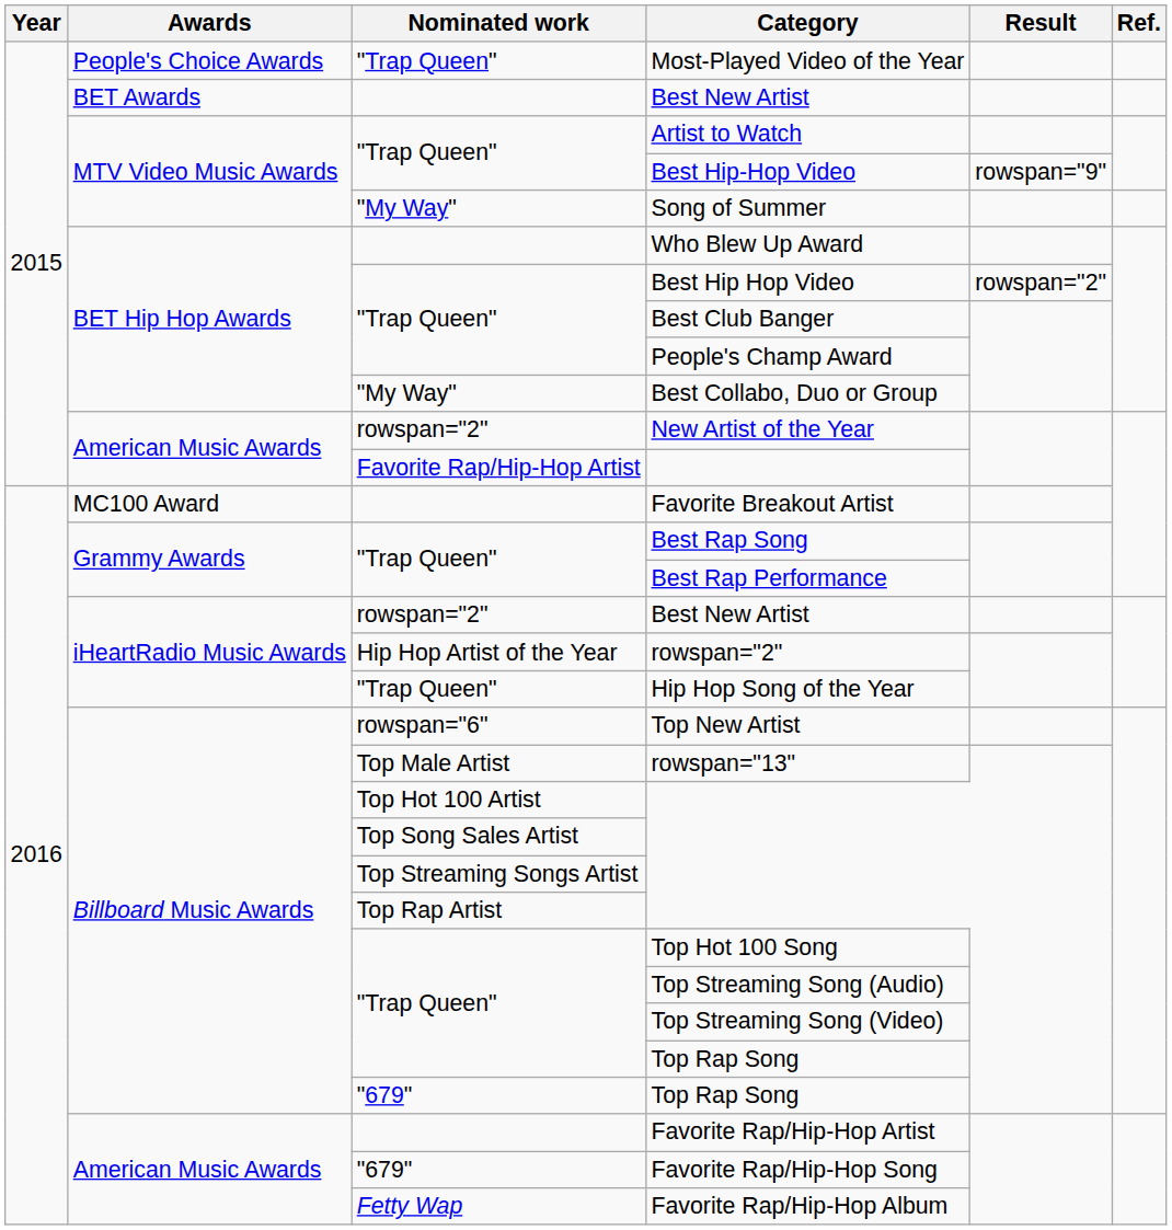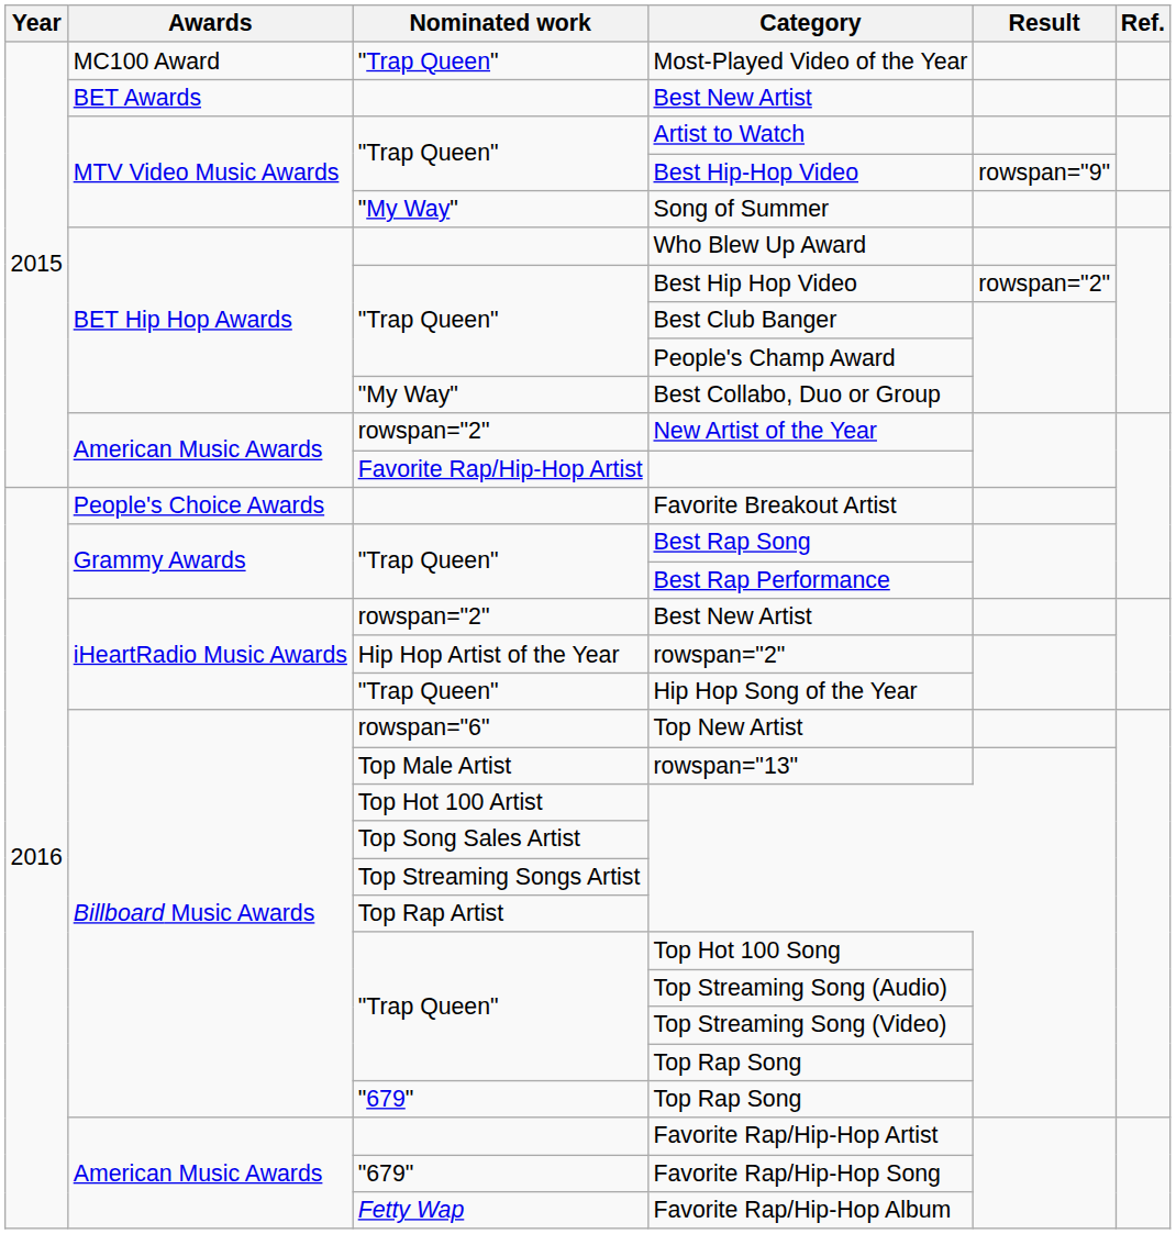 <table class="wikitable">
 <tr>
 <th>Year</th>
 <th>Awards</th>
 <th>Nominated work</th>
 <th>Category</th>
 <th>Result</th>
 <th>Ref.</th>
 </tr>
 <tr>
 <td rowspan="12">2015</td>
-<td><a href='#'>People's Choice Awards</a></td>
+<td>MC100 Award </td>
 <td>"<a href='#'>Trap Queen</a>"</td>
 <td>Most-Played Video of the Year</td>
 <td></td>
 <td style="text-align:center;"></td>
 </tr>
 <tr>
 <td><a href='#'>BET Awards</a></td>
 <td></td>
 <td><a href='#'>Best New Artist</a></td>
 <td></td>
 <td style="text-align:center;"></td>
 </tr>
 <tr>
 <td rowspan="3"><a href='#'>MTV Video Music Awards</a></td>
 <td rowspan="2">"Trap Queen"</td>
 <td><a href='#'>Artist to Watch</a></td>
 <td></td>
 <td style="text-align:center;" rowspan="2"></td>
 </tr>
 <tr>
 <td><a href='#'>Best Hip-Hop Video</a></td>
 <td>rowspan="9" </td>
 </tr>
 <tr>
 <td>"<a href='#'>My Way</a>"</td>
 <td>Song of Summer</td>
 <td style="text-align:center;"></td>
 </tr>
 <tr>
 <td rowspan="5"><a href='#'>BET Hip Hop Awards</a></td>
 <td></td>
 <td>Who Blew Up Award</td>
 <td></td>
 <td style="text-align:center;" rowspan="5"></td>
 </tr>
 <tr>
 <td rowspan="3">"Trap Queen"</td>
 <td>Best Hip Hop Video</td>
 <td>rowspan="2" </td>
 </tr>
 <tr>
 <td>Best Club Banger</td>
 </tr>
 <tr>
 <td>People's Champ Award</td>
 </tr>
 <tr>
 <td>"My Way" </td>
 <td>Best Collabo, Duo or Group</td>
 </tr>
 <tr>
 <td rowspan="2"><a href='#'>American Music Awards</a></td>
 <td>rowspan="2" </td>
 <td><a href='#'>New Artist of the Year</a></td>
 <td style="text-align:center;" rowspan="2"></td>
 </tr>
 <tr>
 <td><a href='#'>Favorite Rap/Hip-Hop Artist</a></td>
 </tr>
 <tr>
 <td rowspan="20">2016</td>
-<td>MC100 Award </td>
+<td><a href='#'>People's Choice Awards</a></td>
 <td></td>
 <td>Favorite Breakout Artist</td>
 <td style="text-align:center;"></td>
 </tr>
 <tr>
 <td rowspan="2"><a href='#'>Grammy Awards</a></td>
 <td rowspan="2">"Trap Queen"</td>
 <td><a href='#'>Best Rap Song</a></td>
 <td style="text-align:center;" rowspan="2"></td>
 </tr>
 <tr>
 <td><a href='#'>Best Rap Performance</a></td>
 </tr>
 <tr>
 <td rowspan="3"><a href='#'>iHeartRadio Music Awards</a></td>
 <td>rowspan="2" </td>
 <td>Best New Artist</td>
 <td></td>
 <td style="text-align:center;" rowspan="3"></td>
 </tr>
 <tr>
 <td>Hip Hop Artist of the Year</td>
 <td>rowspan="2" </td>
 </tr>
 <tr>
 <td>"Trap Queen"</td>
 <td>Hip Hop Song of the Year</td>
 </tr>
 <tr>
 <td rowspan="11"><a href='#'><em>Billboard</em> Music Awards</a></td>
 <td>rowspan="6" </td>
 <td>Top New Artist</td>
 <td></td>
 <td style="text-align:center;" rowspan="11"></td>
 </tr>
 <tr>
 <td>Top Male Artist</td>
 <td>rowspan="13" </td>
 </tr>
 <tr>
 <td>Top Hot 100 Artist</td>
 </tr>
 <tr>
 <td>Top Song Sales Artist</td>
 </tr>
 <tr>
 <td>Top Streaming Songs Artist</td>
 </tr>
 <tr>
 <td>Top Rap Artist</td>
 </tr>
 <tr>
 <td rowspan="4">"Trap Queen"</td>
 <td>Top Hot 100 Song</td>
 </tr>
 <tr>
 <td>Top Streaming Song (Audio)</td>
 </tr>
 <tr>
 <td>Top Streaming Song (Video)</td>
 </tr>
 <tr>
 <td>Top Rap Song</td>
 </tr>
 <tr>
 <td>"<a href='#'>679</a>" </td>
 <td>Top Rap Song</td>
 </tr>
 <tr>
 <td rowspan="3"><a href='#'>American Music Awards</a></td>
 <td></td>
 <td>Favorite Rap/Hip-Hop Artist</td>
 <td style="text-align:center;" rowspan="3"></td>
 </tr>
 <tr>
 <td>"679" </td>
 <td>Favorite Rap/Hip-Hop Song</td>
 </tr>
 <tr>
 <td><em><a href='#'>Fetty Wap</a></em></td>
 <td>Favorite Rap/Hip-Hop Album</td>
 </tr>
 </table>
